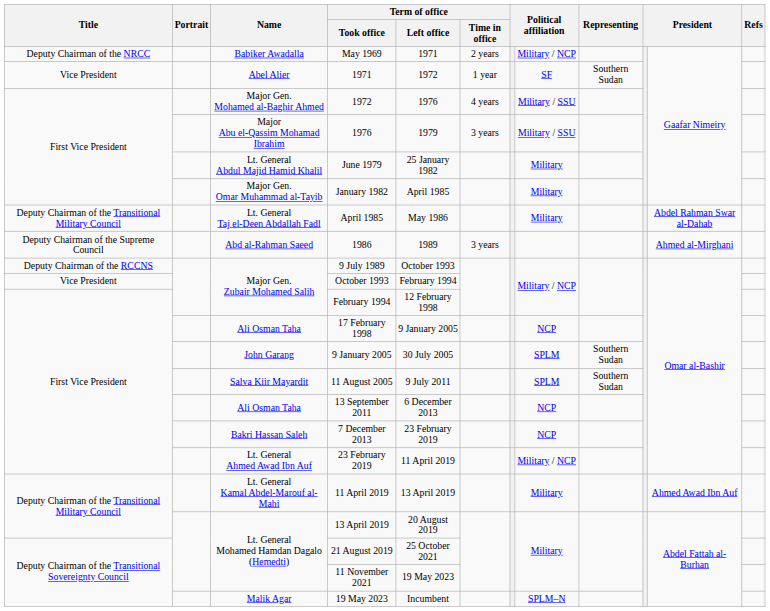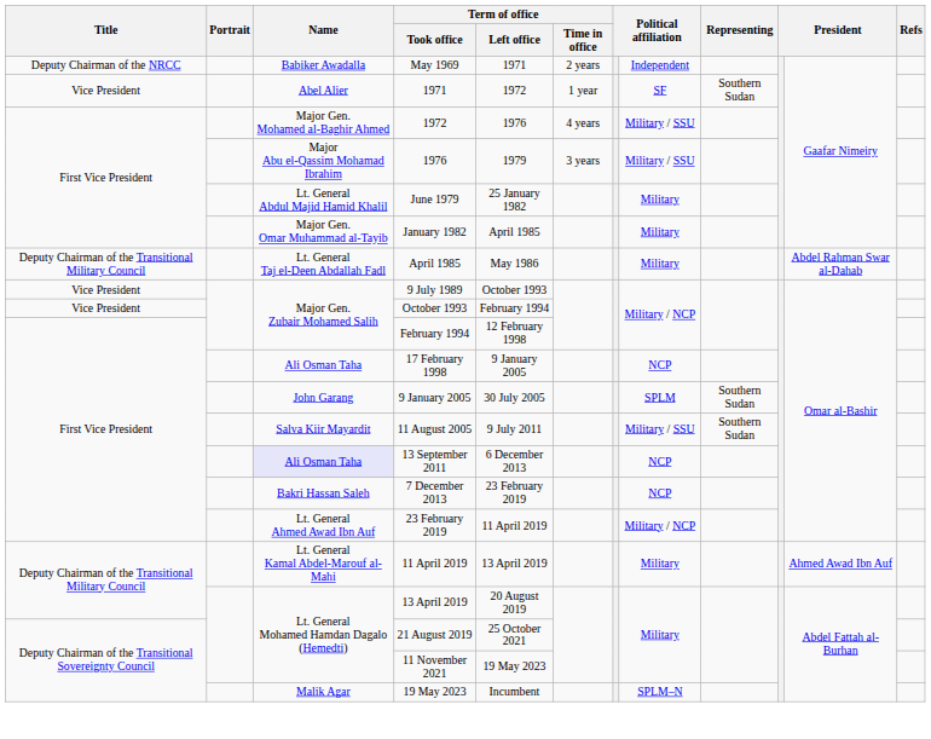 <table class="wikitable" style="text-align:center;">
 <tr>
 <th rowspan=2>Title</th>
 <th rowspan=2>Portrait</th>
 <th rowspan=2>Name</th>
 <th colspan=3>Term of office</th>
 <th rowspan=2 colspan=2>Political affiliation</th>
 <th rowspan=2>Representing</th>
 <th rowspan=2 colspan=2>President</th>
 <th rowspan=2>Refs</th>
 </tr>
 <tr>
 <th>Took office</th>
 <th>Left office</th>
 <th>Time in office</th>
 </tr>
 <tr>
 <td>Deputy Chairman of the <a href='#'>NRCC</a></td>
 <td></td>
 <td><a href='#'>Babiker Awadalla</a></td>
 <td>May 1969</td>
 <td>1971</td>
 <td>2 years</td>
 <th style="background:"></th>
-<td><a href='#'>Military</a> / <a href='#'>NCP</a></td>
+<td><a href='#'>Independent</a></td>
 <td></td>
 <th rowspan=6 style="background:"></th>
 <td rowspan=6><a href='#'>Gaafar Nimeiry</a></td>
 <td></td>
 </tr>
 <tr>
 <td>Vice President</td>
 <td></td>
 <td><a href='#'>Abel Alier</a></td>
 <td>1971</td>
 <td>1972</td>
 <td>1 year</td>
 <th style="background:"></th>
 <td><a href='#'>SF</a></td>
 <td>Southern Sudan</td>
 <td></td>
 </tr>
 <tr>
 <td rowspan=4>First Vice President</td>
 <td></td>
 <td>Major Gen.<br><a href='#'>Mohamed al-Baghir Ahmed</a></td>
 <td>1972</td>
 <td>1976</td>
 <td>4 years</td>
 <th style="background:"></th>
 <td><a href='#'>Military</a> / <a href='#'>SSU</a></td>
 <td></td>
 <td></td>
 </tr>
 <tr>
 <td></td>
 <td>Major<br><a href='#'>Abu el-Qassim Mohamad Ibrahim</a></td>
 <td>1976</td>
 <td>1979</td>
 <td>3 years</td>
 <th style="background:"></th>
 <td><a href='#'>Military</a> / <a href='#'>SSU</a></td>
 <td></td>
 <td></td>
 </tr>
 <tr>
 <td></td>
 <td>Lt. General<br><a href='#'>Abdul Majid Hamid Khalil</a></td>
 <td>June 1979</td>
 <td>25 January 1982</td>
 <td></td>
 <th style="background:"></th>
 <td><a href='#'>Military</a></td>
 <td></td>
 <td></td>
 </tr>
 <tr>
 <td></td>
 <td>Major Gen.<br><a href='#'>Omar Muhammad al-Tayib</a><br></td>
 <td>January 1982</td>
 <td>April 1985</td>
 <td></td>
 <th style="background:"></th>
 <td><a href='#'>Military</a></td>
 <td></td>
 <td></td>
 </tr>
 <tr>
 <td>Deputy Chairman of the <a href='#'>Transitional Military Council</a></td>
 <td></td>
 <td>Lt. General<br><a href='#'>Taj el-Deen Abdallah Fadl</a></td>
 <td>April 1985</td>
 <td>May 1986</td>
 <td></td>
 <th style="background:"></th>
 <td><a href='#'>Military</a></td>
 <td></td>
 <th style="background:"></th>
 <td><a href='#'>Abdel Rahman Swar al-Dahab</a></td>
 <td></td>
 </tr>
 <tr>
-<td>Deputy Chairman of the Supreme Council</td>
-<td></td>
-<td><a href='#'>Abd al-Rahman Saeed</a></td>
-<td>1986</td>
-<td>1989</td>
-<td>3 years</td>
-<th style="background:"></th>
-<td></td>
-<td></td>
-<th style="background:"></th>
-<td><a href='#'>Ahmed al-Mirghani</a></td>
-<td></td>
-</tr>
-<tr>
-<td>Deputy Chairman of the <a href='#'>RCCNS</a></td>
+<td>Vice President</td>
 <td rowspan=3></td>
 <td rowspan=3>Major Gen.<br><a href='#'>Zubair Mohamed Salih</a></td>
 <td>9 July 1989</td>
 <td>October 1993</td>
 <td rowspan=3></td>
 <th rowspan=3 style="background:"></th>
 <td rowspan=3><a href='#'>Military</a> / <a href='#'>NCP</a></td>
 <td rowspan=3></td>
 <th rowspan=9 style="background:"></th>
 <td rowspan=9><a href='#'>Omar al-Bashir</a></td>
 <td></td>
 </tr>
 <tr>
 <td>Vice President</td>
 <td>October 1993</td>
 <td>February 1994</td>
 <td></td>
 </tr>
 <tr>
 <td rowspan=7>First Vice President</td>
 <td>February 1994</td>
 <td>12 February 1998<br></td>
 <td></td>
 </tr>
 <tr>
 <td></td>
 <td><a href='#'>Ali Osman Taha</a></td>
 <td>17 February 1998</td>
 <td>9 January 2005</td>
 <td></td>
 <th style="background:"></th>
 <td><a href='#'>NCP</a></td>
 <td></td>
 <td></td>
 </tr>
 <tr>
 <td></td>
 <td><a href='#'>John Garang</a></td>
 <td>9 January 2005</td>
 <td>30 July 2005<br></td>
 <td></td>
 <th style="background:"></th>
 <td><a href='#'>SPLM</a></td>
 <td>Southern Sudan</td>
 <td></td>
 </tr>
 <tr>
 <td></td>
 <td><a href='#'>Salva Kiir Mayardit</a></td>
 <td>11 August 2005</td>
 <td>9 July 2011<br></td>
 <td></td>
 <th style="background:"></th>
-<td><a href='#'>SPLM</a></td>
+<td><a href='#'>Military</a> / <a href='#'>SSU</a></td>
 <td>Southern Sudan</td>
 <td></td>
 </tr>
 <tr>
 <td></td>
-<td><a href='#'>Ali Osman Taha</a></td>
+<td style="background: lavender;"><a href='#'>Ali Osman Taha</a></td>
 <td>13 September 2011</td>
 <td>6 December 2013</td>
 <td></td>
 <th style="background:"></th>
 <td><a href='#'>NCP</a></td>
 <td></td>
 <td></td>
 </tr>
 <tr>
 <td></td>
 <td><a href='#'>Bakri Hassan Saleh</a><br></td>
 <td>7 December 2013</td>
 <td>23 February 2019</td>
 <td></td>
 <th style="background:"></th>
 <td><a href='#'>NCP</a></td>
 <td></td>
 <td></td>
 </tr>
 <tr>
 <td></td>
 <td>Lt. General<br><a href='#'>Ahmed Awad Ibn Auf</a></td>
 <td>23 February 2019</td>
 <td>11 April 2019</td>
 <td></td>
 <th style="background:"></th>
 <td><a href='#'>Military</a> / <a href='#'>NCP</a></td>
 <td></td>
 <td></td>
 </tr>
 <tr>
 <td rowspan=2>Deputy Chairman of the <a href='#'>Transitional Military Council</a></td>
 <td></td>
 <td>Lt. General<br><a href='#'>Kamal Abdel-Marouf al-Mahi</a></td>
 <td>11 April 2019</td>
 <td>13 April 2019</td>
 <td></td>
 <th style="background:"></th>
 <td><a href='#'>Military</a></td>
 <td></td>
 <th style="background:"></th>
 <td><a href='#'>Ahmed Awad Ibn Auf</a></td>
 <td></td>
 </tr>
 <tr>
 <td rowspan=3></td>
 <td rowspan=3>Lt. General<br>Mohamed Hamdan Dagalo (<a href='#'>Hemedti</a>)</td>
 <td>13 April 2019</td>
 <td>20 August 2019</td>
 <td rowspan=3></td>
 <th rowspan=3 style="background:"></th>
 <td rowspan=3><a href='#'>Military</a></td>
 <td rowspan=3></td>
 <th rowspan=4 style="background:"></th>
 <td rowspan=4><a href='#'>Abdel Fattah al-Burhan</a></td>
 <td></td>
 </tr>
 <tr>
 <td rowspan=3>Deputy Chairman of the <a href='#'>Transitional Sovereignty Council</a></td>
 <td>21 August 2019</td>
 <td>25 October 2021</td>
 <td></td>
 </tr>
 <tr>
 <td>11 November 2021</td>
 <td>19 May 2023</td>
 <td></td>
 </tr>
 <tr>
 <td></td>
 <td><a href='#'>Malik Agar</a></td>
 <td>19 May 2023</td>
 <td>Incumbent</td>
 <td></td>
 <th style="background:"></th>
 <td><a href='#'>SPLM–N</a></td>
 <td></td>
 <td></td>
 </tr>
 </table>
